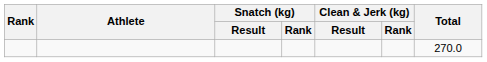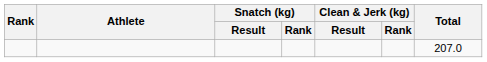 <table class = "wikitable" style="text-align:center;">
 <tr>
 <th rowspan=2 width=40>Rank</th>
 <th rowspan=2 width=250>Athlete</th>
 <th colspan=2>Snatch (kg)</th>
 <th colspan=2>Clean & Jerk (kg)</th>
 <th rowspan=2 width=90>Total</th>
 </tr>
 <tr>
 <th width=90>Result</th>
 <th width=40>Rank</th>
 <th width=90>Result</th>
 <th width=40>Rank</th>
 </tr>
 <tr>
 <td></td>
 <td align=left></td>
 <td></td>
 <td></td>
 <td></td>
 <td></td>
-<td>270.0</td>
+<td>207.0</td>
 </tr>
 </table>
